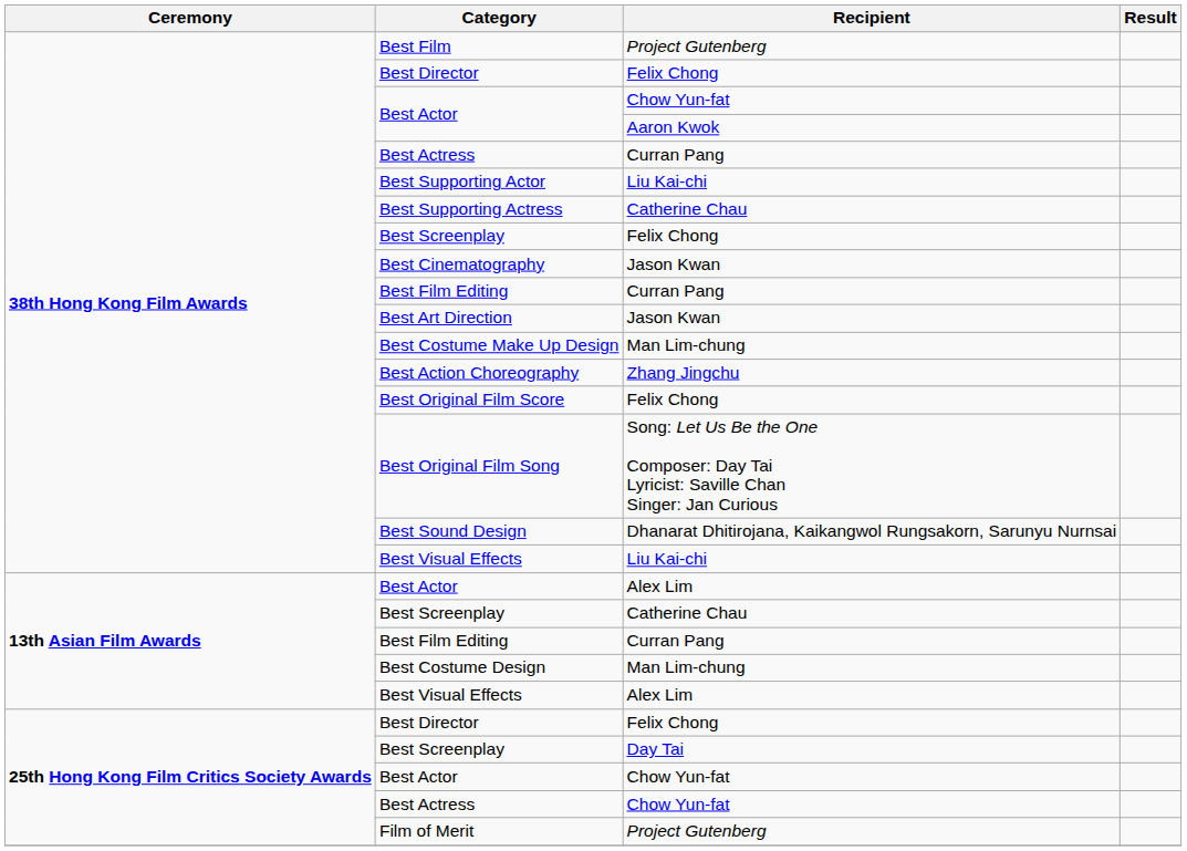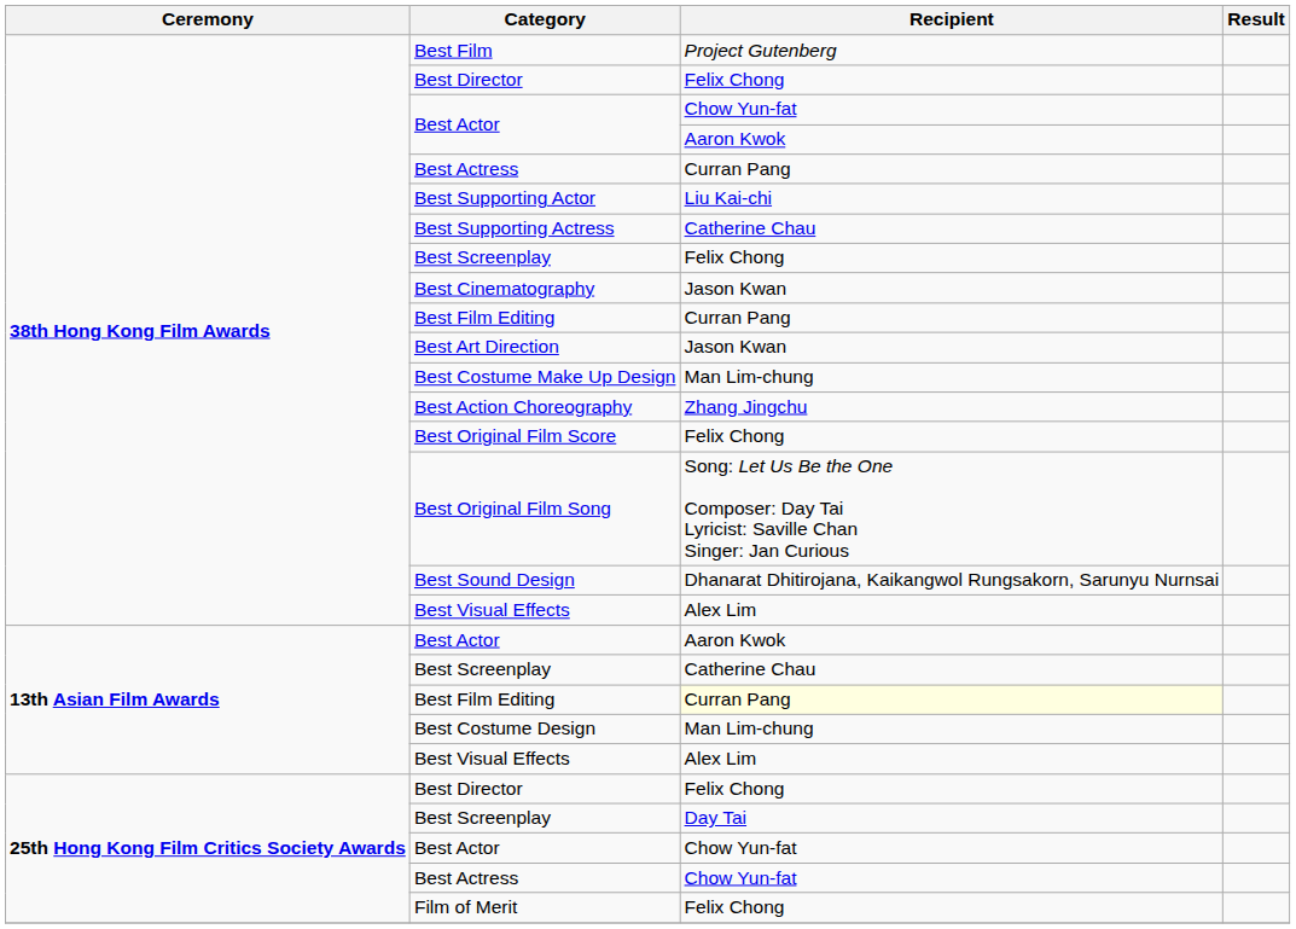 <table class="wikitable">
 <tr>
 <th>Ceremony</th>
 <th>Category</th>
 <th>Recipient</th>
 <th>Result</th>
 </tr>
 <tr>
 <td rowspan=17><strong><a href='#'>38th Hong Kong Film Awards</a></strong></td>
 <td><a href='#'>Best Film</a></td>
 <td><em>Project Gutenberg</em></td>
 <td></td>
 </tr>
 <tr>
 <td><a href='#'>Best Director</a></td>
 <td><a href='#'>Felix Chong</a></td>
 <td></td>
 </tr>
 <tr>
 <td rowspan=2><a href='#'>Best Actor</a></td>
 <td><a href='#'>Chow Yun-fat</a></td>
 <td></td>
 </tr>
 <tr>
 <td><a href='#'>Aaron Kwok</a></td>
 <td></td>
 </tr>
 <tr>
 <td><a href='#'>Best Actress</a></td>
 <td>Curran Pang</td>
 <td></td>
 </tr>
 <tr>
 <td><a href='#'>Best Supporting Actor</a></td>
 <td><a href='#'>Liu Kai-chi</a></td>
 <td></td>
 </tr>
 <tr>
 <td><a href='#'>Best Supporting Actress</a></td>
 <td><a href='#'>Catherine Chau</a></td>
 <td></td>
 </tr>
 <tr>
 <td><a href='#'>Best Screenplay</a></td>
 <td>Felix Chong</td>
 <td></td>
 </tr>
 <tr>
 <td><a href='#'>Best Cinematography</a></td>
 <td>Jason Kwan</td>
 <td></td>
 </tr>
 <tr>
 <td><a href='#'>Best Film Editing</a></td>
 <td>Curran Pang</td>
 <td></td>
 </tr>
 <tr>
 <td><a href='#'>Best Art Direction</a></td>
 <td>Jason Kwan</td>
 <td></td>
 </tr>
 <tr>
 <td><a href='#'>Best Costume Make Up Design</a></td>
 <td>Man Lim-chung</td>
 <td></td>
 </tr>
 <tr>
 <td><a href='#'>Best Action Choreography</a></td>
 <td><a href='#'>Zhang Jingchu</a></td>
 <td></td>
 </tr>
 <tr>
 <td><a href='#'>Best Original Film Score</a></td>
 <td>Felix Chong</td>
 <td></td>
 </tr>
 <tr>
 <td><a href='#'>Best Original Film Song</a></td>
 <td>Song: <em>Let Us Be the One</em><br><br>Composer: Day Tai <br>Lyricist: Saville Chan <br>Singer: Jan Curious</td>
 <td></td>
 </tr>
 <tr>
 <td><a href='#'>Best Sound Design</a></td>
 <td>Dhanarat Dhitirojana, Kaikangwol Rungsakorn, Sarunyu Nurnsai</td>
 <td></td>
 </tr>
 <tr>
 <td><a href='#'>Best Visual Effects</a></td>
-<td><a href='#'>Liu Kai-chi</a></td>
+<td>Alex Lim</td>
 <td></td>
 </tr>
 <tr>
 <td rowspan=5><strong>13th <a href='#'>Asian Film Awards</a></strong></td>
 <td><a href='#'>Best Actor</a></td>
-<td>Alex Lim</td>
+<td>Aaron Kwok</td>
 <td></td>
 </tr>
 <tr>
 <td>Best Screenplay</td>
 <td>Catherine Chau</td>
 <td></td>
 </tr>
 <tr>
 <td>Best Film Editing</td>
-<td>Curran Pang</td>
+<td style="background: lightyellow;">Curran Pang</td>
 <td></td>
 </tr>
 <tr>
 <td>Best Costume Design</td>
 <td>Man Lim-chung</td>
 <td></td>
 </tr>
 <tr>
 <td>Best Visual Effects</td>
 <td>Alex Lim</td>
 <td></td>
 </tr>
 <tr>
 <td rowspan=5><strong>25th <a href='#'>Hong Kong Film Critics Society Awards</a></strong></td>
 <td>Best Director</td>
 <td>Felix Chong</td>
 <td></td>
 </tr>
 <tr>
 <td>Best Screenplay</td>
 <td><a href='#'>Day Tai</a></td>
 <td></td>
 </tr>
 <tr>
 <td>Best Actor</td>
 <td>Chow Yun-fat</td>
 <td></td>
 </tr>
 <tr>
 <td>Best Actress</td>
 <td><a href='#'>Chow Yun-fat</a></td>
 <td></td>
 </tr>
 <tr>
 <td>Film of Merit</td>
-<td><em>Project Gutenberg</em></td>
+<td>Felix Chong</td>
 <td></td>
 </tr>
 <tr>
 </tr>
 </table>
